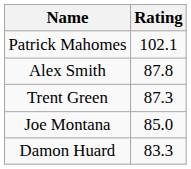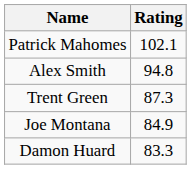 <table class="wikitable sortable" style="text-align:center">
 <tr>
 <th>Name</th>
 <th>Rating</th>
 </tr>
 <tr>
 <td>Patrick Mahomes</td>
 <td>102.1</td>
 </tr>
 <tr>
 <td>Alex Smith</td>
-<td>87.8</td>
+<td>94.8</td>
 </tr>
 <tr>
 <td>Trent Green</td>
 <td>87.3</td>
 </tr>
 <tr>
 <td>Joe Montana</td>
-<td>85.0</td>
+<td>84.9</td>
 </tr>
 <tr>
 <td>Damon Huard</td>
 <td>83.3</td>
 </tr>
 </table>
